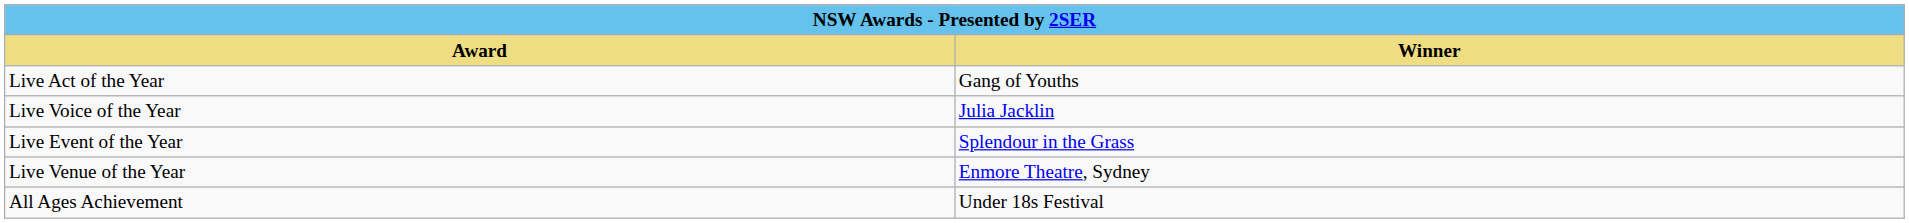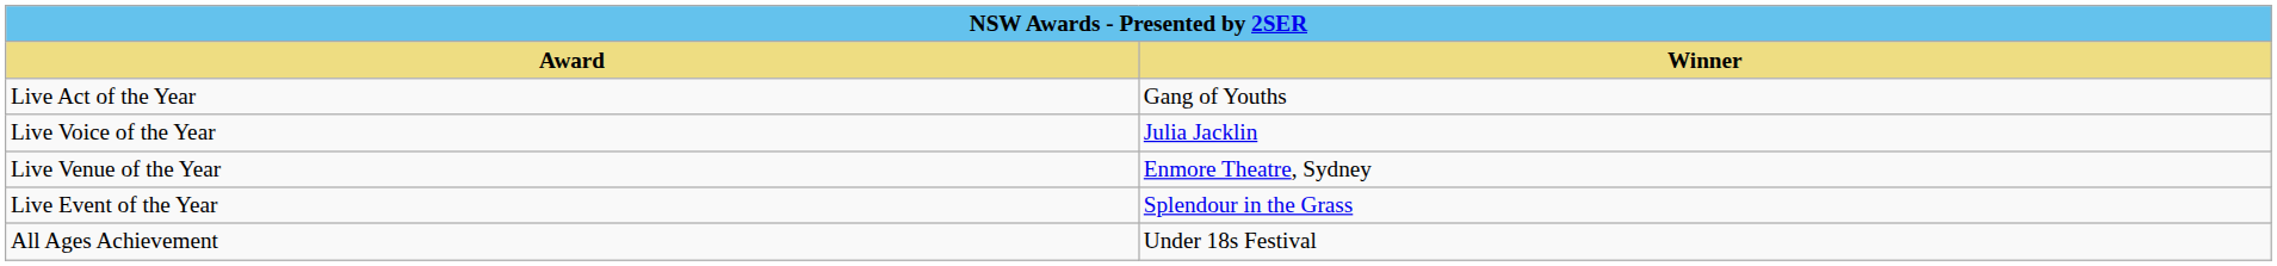 <table class="wikitable" width=100%>
 <tr>
 <th colspan="2" ! style="width:15%;background:#64C2ED">NSW Awards - Presented by <a href='#'>2SER</a></th>
 </tr>
 <tr>
 <th style="width:10%;background:#EEDD82;">Award</th>
 <th style="width:10%;background:#EEDD82;">Winner</th>
 </tr>
 <tr>
 <td>Live Act of the Year</td>
 <td>Gang of Youths</td>
 </tr>
 <tr>
 <td>Live Voice of the Year</td>
 <td><a href='#'>Julia Jacklin</a></td>
 </tr>
 <tr>
+<td>Live Venue of the Year</td>
+<td><a href='#'>Enmore Theatre</a>, Sydney</td>
+</tr>
+<tr>
 <td>Live Event of the Year</td>
 <td><a href='#'>Splendour in the Grass</a></td>
-</tr>
-<tr>
-<td>Live Venue of the Year</td>
-<td><a href='#'>Enmore Theatre</a>, Sydney</td>
 </tr>
 <tr>
 <td>All Ages Achievement</td>
 <td>Under 18s Festival</td>
 </tr>
 </table>
